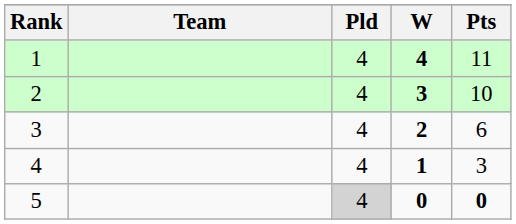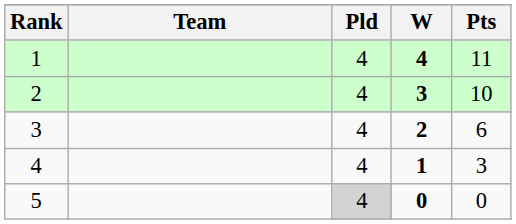 <table class="wikitable">
 <tr>
 </tr>
 <tr>
 <th style="width:35px">Rank</th>
 <th style="width:180px">Team</th>
 <th style="width:35px">Pld</th>
 <th style="width:35px">W</th>
 <th style="width:35px">Pts</th>
 </tr>
 <tr bgcolor=#ccffcc>
 <td align=center>1</td>
 <td></td>
 <td align=center>4</td>
 <td align=center><strong>4</strong></td>
 <td align=center>11</td>
 </tr>
 <tr bgcolor=#ccffcc>
 <td align=center>2</td>
 <td></td>
 <td align=center>4</td>
 <td align=center><strong>3</strong></td>
 <td align=center>10</td>
 </tr>
 <tr>
 <td align=center>3</td>
 <td></td>
 <td align=center>4</td>
 <td align=center><strong>2</strong></td>
 <td align=center>6</td>
 </tr>
 <tr>
 <td align=center>4</td>
 <td></td>
 <td align=center>4</td>
 <td align=center><strong>1</strong></td>
 <td align=center>3</td>
 </tr>
 <tr>
 <td align=center>5</td>
 <td></td>
 <td align=center style="background: lightgrey;">4</td>
 <td align=center><strong>0</strong></td>
-<td align=center><strong>0</strong></td>
+<td align=center>0</td>
 </tr>
 </table>
